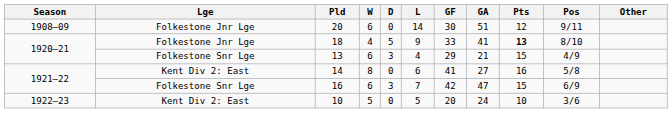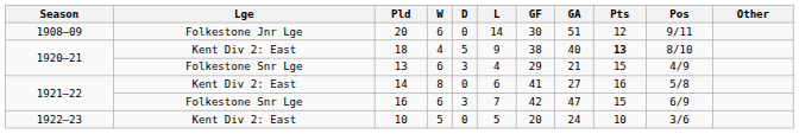 <table class="wikitable" style="width:75%; align:center; text-align:center">
 <tr>
 <th>Season</th>
 <th>Lge</th>
 <th>Pld</th>
 <th>W</th>
 <th>D</th>
 <th>L</th>
 <th>GF</th>
 <th>GA</th>
 <th>Pts</th>
 <th>Pos</th>
 <th>Other</th>
 </tr>
 <tr>
 <td>1908–09</td>
 <td>Folkestone Jnr Lge</td>
 <td>20</td>
 <td>6</td>
 <td>0</td>
 <td>14</td>
 <td>30</td>
 <td>51</td>
 <td>12</td>
 <td>9/11</td>
 <td></td>
 </tr>
 <tr>
 <td rowspan="2">1920–21</td>
-<td>Folkestone Jnr Lge</td>
+<td>Kent Div 2: East</td>
 <td>18</td>
 <td>4</td>
 <td>5</td>
 <td>9</td>
-<td>33</td>
-<td>41</td>
+<td>38</td>
+<td>40</td>
 <td><strong>13</strong></td>
 <td>8/10</td>
 <td></td>
 </tr>
 <tr>
 <td>Folkestone Snr Lge</td>
 <td>13</td>
 <td>6</td>
 <td>3</td>
 <td>4</td>
 <td>29</td>
 <td>21</td>
 <td>15</td>
 <td>4/9</td>
 <td></td>
 </tr>
 <tr>
 <td rowspan="2">1921–22</td>
 <td>Kent Div 2: East</td>
 <td>14</td>
 <td>8</td>
 <td>0</td>
 <td>6</td>
 <td>41</td>
 <td>27</td>
 <td>16</td>
 <td>5/8</td>
 <td></td>
 </tr>
 <tr>
 <td>Folkestone Snr Lge</td>
 <td>16</td>
 <td>6</td>
 <td>3</td>
 <td>7</td>
 <td>42</td>
 <td>47</td>
 <td>15</td>
 <td>6/9</td>
 <td></td>
 </tr>
 <tr>
 <td>1922–23</td>
 <td>Kent Div 2: East</td>
 <td>10</td>
 <td>5</td>
 <td>0</td>
 <td>5</td>
 <td>20</td>
 <td>24</td>
 <td>10</td>
 <td>3/6</td>
 <td></td>
 </tr>
 </table>
